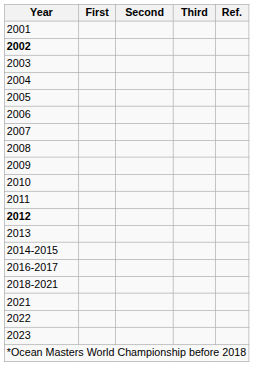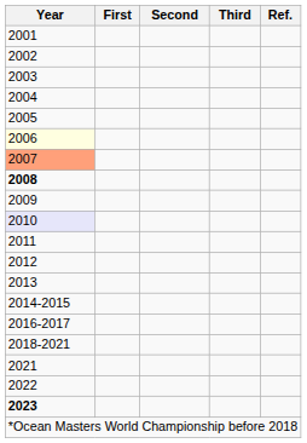 <table class="wikitable">
 <tr>
 <th>Year</th>
 <th>First</th>
 <th>Second</th>
 <th>Third</th>
 <th>Ref.</th>
 </tr>
 <tr>
 <td>2001</td>
 <td></td>
 <td></td>
 <td></td>
 <td></td>
 </tr>
 <tr>
-<td><strong>2002</strong></td>
+<td>2002</td>
 <td></td>
 <td></td>
 <td></td>
 <td></td>
 </tr>
 <tr>
 <td>2003</td>
 <td></td>
 <td></td>
 <td></td>
 <td></td>
 </tr>
 <tr>
 <td>2004</td>
 <td></td>
 <td></td>
 <td></td>
 <td></td>
 </tr>
 <tr>
 <td>2005</td>
 <td></td>
 <td></td>
 <td></td>
 <td></td>
 </tr>
 <tr>
-<td>2006</td>
+<td style="background: lightyellow;">2006</td>
 <td></td>
 <td></td>
 <td></td>
 <td></td>
 </tr>
 <tr>
-<td>2007</td>
+<td style="background: lightsalmon;">2007</td>
 <td></td>
 <td></td>
 <td></td>
 <td></td>
 </tr>
 <tr>
-<td>2008</td>
+<td><strong>2008</strong></td>
 <td></td>
 <td></td>
 <td></td>
 <td></td>
 </tr>
 <tr>
 <td>2009</td>
 <td></td>
 <td></td>
 <td></td>
 <td></td>
 </tr>
 <tr>
-<td>2010</td>
+<td style="background: lavender;">2010</td>
 <td></td>
 <td></td>
 <td></td>
 <td></td>
 </tr>
 <tr>
 <td>2011</td>
 <td></td>
 <td></td>
 <td></td>
 <td></td>
 </tr>
 <tr>
-<td><strong>2012</strong></td>
+<td>2012</td>
 <td></td>
 <td></td>
 <td></td>
 <td></td>
 </tr>
 <tr>
 <td>2013</td>
 <td></td>
 <td></td>
 <td></td>
 <td></td>
 </tr>
 <tr>
 <td>2014-2015</td>
 <td></td>
 <td></td>
 <td></td>
 <td></td>
 </tr>
 <tr>
 <td>2016-2017</td>
 <td></td>
 <td></td>
 <td></td>
 <td></td>
 </tr>
 <tr>
 <td>2018-2021</td>
 <td></td>
 <td></td>
 <td></td>
 <td></td>
 </tr>
 <tr>
 <td>2021</td>
 <td><br></td>
 <td><br></td>
 <td><br></td>
 <td></td>
 </tr>
 <tr>
 <td>2022</td>
 <td></td>
 <td></td>
 <td></td>
 <td></td>
 </tr>
 <tr>
-<td>2023</td>
+<td><strong>2023</strong></td>
 <td></td>
 <td></td>
 <td></td>
 <td></td>
 </tr>
 <tr>
 <td colspan="5">*Ocean Masters World Championship before 2018</td>
 </tr>
 </table>
